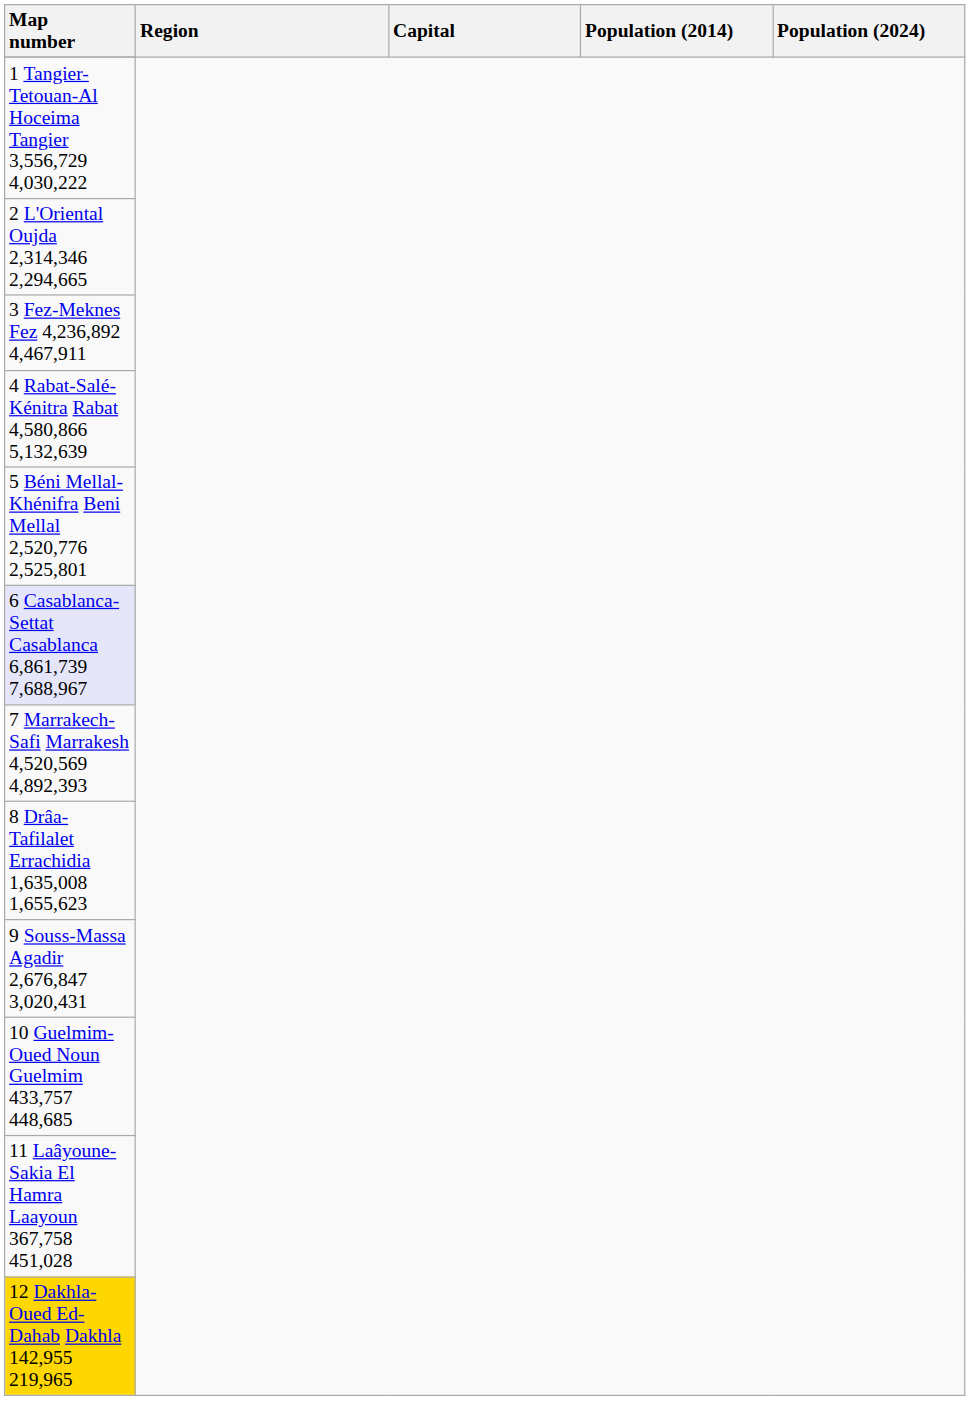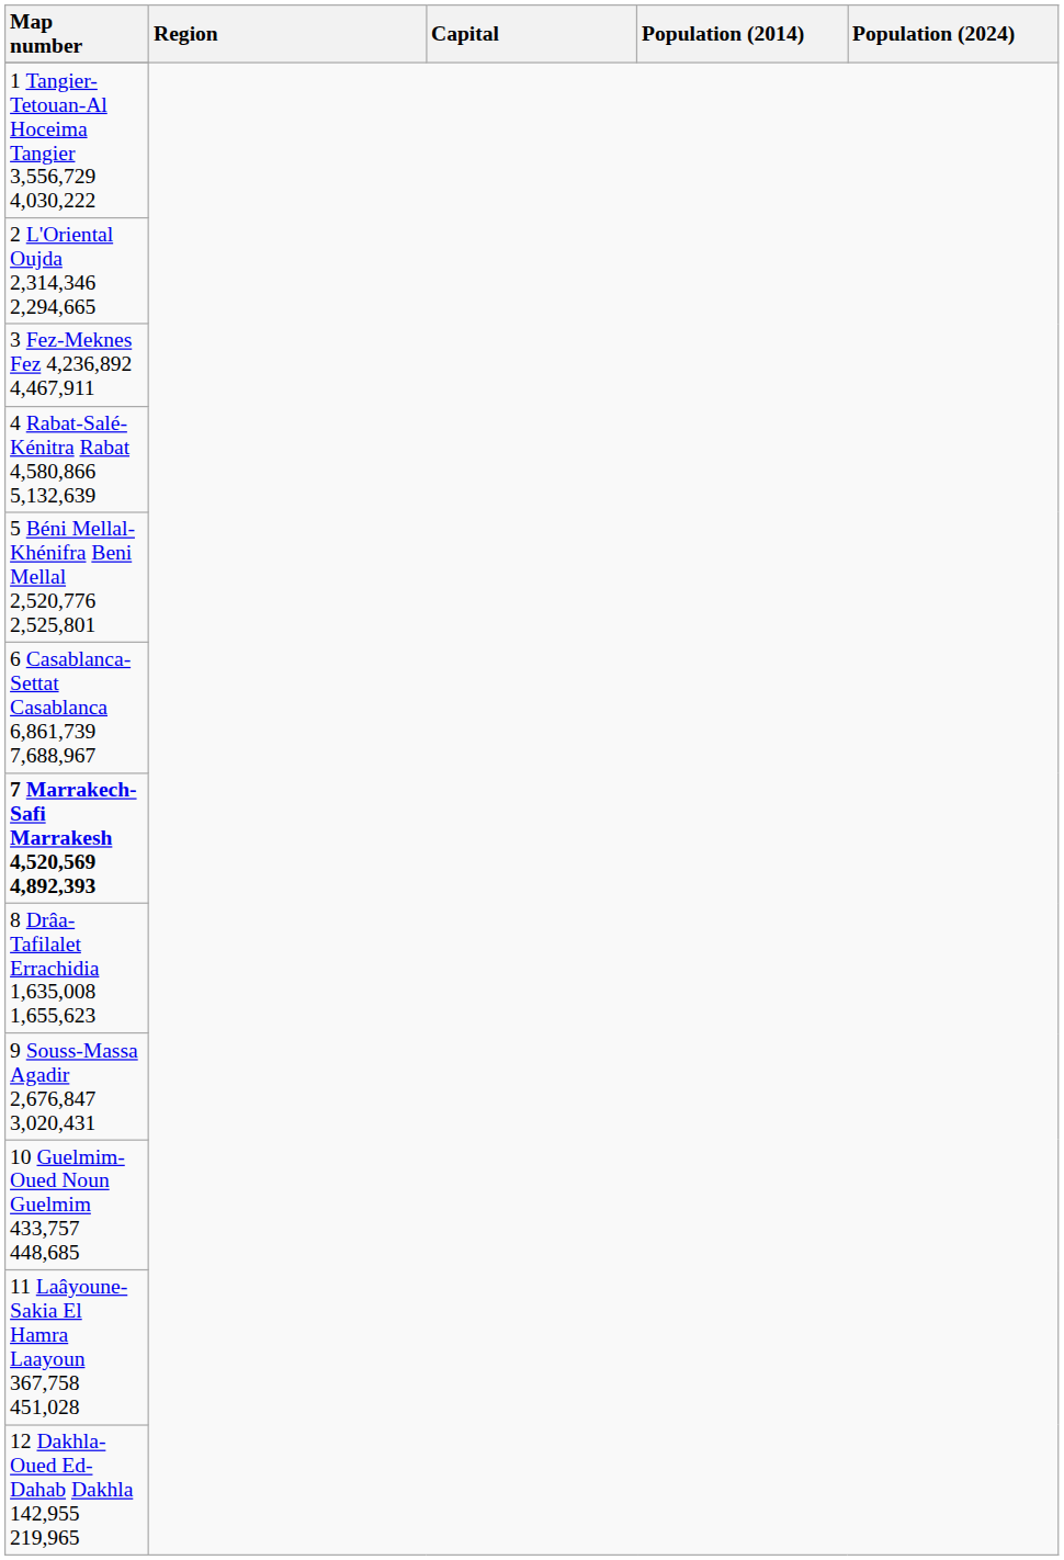 <table class="wikitable sortable">
 <tr>
 <th style="text-align:left;width:100px">Map<br>number</th>
 <th style="text-align:left;width:200px">Region</th>
 <th style="text-align:left;width:150px">Capital</th>
 <th style="text-align:left;width:150px">Population (2014)</th>
 <th style="text-align:left;width:150px".>Population (2024)</th>
 </tr>
 <tr>
 </tr>
 <tr>
 <td>1   <a href='#'>Tangier-Tetouan-Al Hoceima</a>   <a href='#'>Tangier</a>  3,556,729  4,030,222</td>
 </tr>
 <tr>
 <td>2   <a href='#'>L'Oriental</a>   <a href='#'>Oujda</a>  2,314,346  2,294,665</td>
 </tr>
 <tr>
 <td>3  <a href='#'>Fez-Meknes</a>   <a href='#'>Fez</a>  4,236,892<br> 4,467,911</td>
 </tr>
 <tr>
 <td>4   <a href='#'>Rabat-Salé-Kénitra</a>  <a href='#'>Rabat</a>  4,580,866  5,132,639</td>
 </tr>
 <tr>
 <td>5   <a href='#'>Béni Mellal-Khénifra</a>  <a href='#'>Beni Mellal</a>  2,520,776  2,525,801</td>
 </tr>
 <tr>
-<td style="background: lavender;">6   <a href='#'>Casablanca-Settat</a>   <a href='#'>Casablanca</a>  6,861,739  7,688,967</td>
+<td>6   <a href='#'>Casablanca-Settat</a>   <a href='#'>Casablanca</a>  6,861,739  7,688,967</td>
 </tr>
 <tr>
-<td>7   <a href='#'>Marrakech-Safi</a>   <a href='#'>Marrakesh</a>  4,520,569  4,892,393</td>
+<td><strong>7   <a href='#'>Marrakech-Safi</a>   <a href='#'>Marrakesh</a>  4,520,569  4,892,393</strong></td>
 </tr>
 <tr>
 <td>8   <a href='#'>Drâa-Tafilalet</a> <a href='#'>Errachidia</a>  1,635,008  1,655,623</td>
 </tr>
 <tr>
 <td>9   <a href='#'>Souss-Massa</a>   <a href='#'>Agadir</a>  2,676,847  3,020,431</td>
 </tr>
 <tr>
 <td>10   <a href='#'>Guelmim-Oued Noun</a>  <a href='#'>Guelmim</a>  433,757  448,685</td>
 </tr>
 <tr>
 <td>11   <a href='#'>Laâyoune-Sakia El Hamra</a>  <a href='#'>Laayoun</a>  367,758  451,028</td>
 </tr>
 <tr>
-<td style="background: gold;">12   <a href='#'>Dakhla-Oued Ed-Dahab</a>  <a href='#'>Dakhla</a>  142,955  219,965</td>
+<td>12   <a href='#'>Dakhla-Oued Ed-Dahab</a>  <a href='#'>Dakhla</a>  142,955  219,965</td>
 </tr>
 </table>
